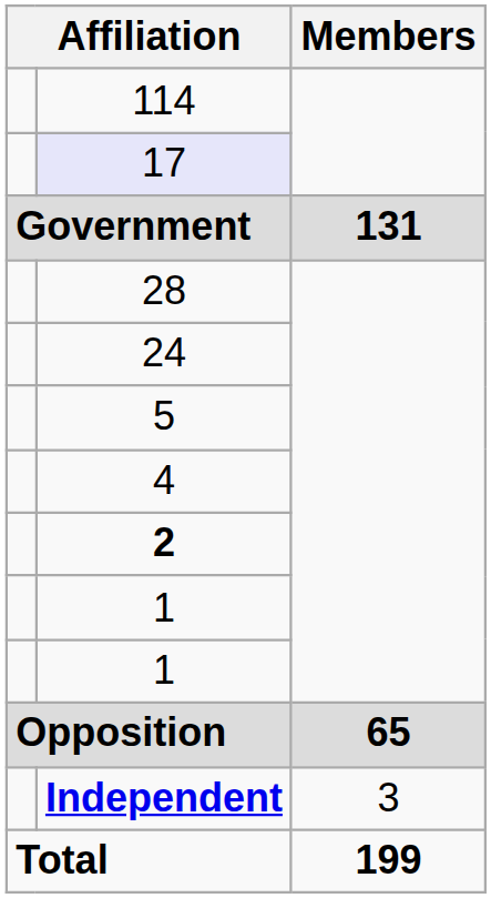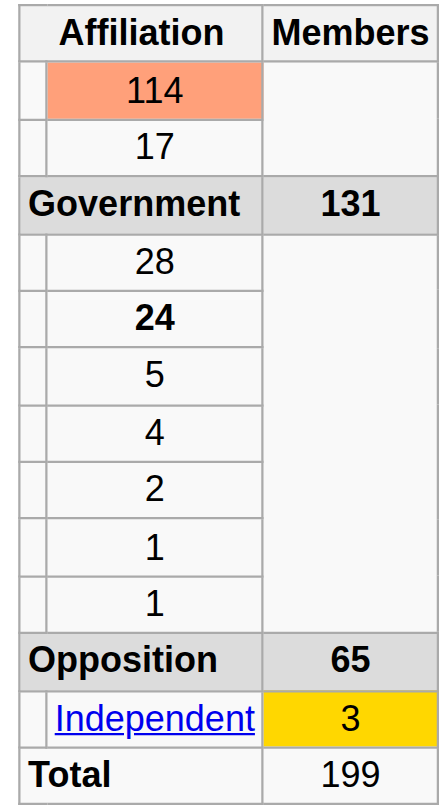 <table class="wikitable" style="float:right">
 <tr>
 <th colspan="2">Affiliation</th>
 <th>Members</th>
 </tr>
 <tr>
 <td></td>
-<td align="center">114</td>
+<td align="center" style="background: lightsalmon;">114</td>
 </tr>
 <tr>
 <td></td>
-<td align="center" style="background: lavender;">17</td>
+<td align="center">17</td>
 </tr>
 <tr>
 <td colspan="2" bgcolor="#DCDCDC"><strong>Government</strong></td>
 <td align="center" bgcolor="#DCDCDC"><strong>131</strong></td>
 </tr>
 <tr>
 <td></td>
 <td align="center">28</td>
 </tr>
 <tr>
 <td></td>
-<td align="center">24</td>
+<td align="center"><strong>24</strong></td>
 </tr>
 <tr>
 <td></td>
 <td align="center">5</td>
 </tr>
 <tr>
 <td></td>
 <td align="center">4</td>
 </tr>
 <tr>
 <td></td>
-<td align="center"><strong>2</strong></td>
+<td align="center">2</td>
 </tr>
 <tr>
 <td></td>
 <td align="center">1</td>
 </tr>
 <tr>
 <td></td>
 <td align="center">1</td>
 </tr>
 <tr>
 <td colspan="2" bgcolor="#DCDCDC"><strong>Opposition</strong></td>
 <td align="center" bgcolor="#DCDCDC"><strong>65</strong></td>
 </tr>
 <tr>
 <td style="background-color:"> </td>
-<td><strong><a href='#'>Independent</a> <br></strong></td>
-<td align="center">3</td>
+<td><a href='#'>Independent</a> <br></td>
+<td align="center" style="background: gold;">3</td>
 </tr>
 <tr>
 <td colspan="2"><strong>Total</strong></td>
-<td align="center"><strong>199</strong></td>
+<td align="center">199</td>
 </tr>
 </table>
